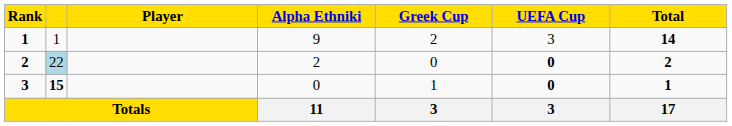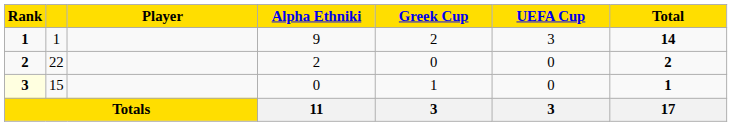 <table class="wikitable sortable" style="text-align:center">
 <tr>
 <th style="background:#FFDE00">Rank</th>
 <th style="background:#FFDE00"></th>
 <th width=200 style="background:#FFDE00">Player</th>
 <th width=120 style="background:#FFDE00"><a href='#'>Alpha Ethniki</a></th>
 <th width=120 style="background:#FFDE00"><a href='#'>Greek Cup</a></th>
 <th width=120 style="background:#FFDE00"><a href='#'>UEFA Cup</a></th>
 <th width=120 style="background:#FFDE00">Total</th>
 </tr>
 <tr>
 <td><strong>1</strong></td>
 <td>1</td>
 <td align=left></td>
 <td>9</td>
 <td>2</td>
 <td>3</td>
 <td><strong>14</strong></td>
 </tr>
 <tr>
 <td><strong>2</strong></td>
-<td style="background: lightblue;">22</td>
+<td>22</td>
 <td align=left></td>
 <td>2</td>
 <td>0</td>
-<td><strong>0</strong></td>
+<td>0</td>
 <td><strong>2</strong></td>
 </tr>
 <tr>
-<td><strong>3</strong></td>
-<td><strong>15</strong></td>
+<td style="background: lightyellow;"><strong>3</strong></td>
+<td>15</td>
 <td align=left></td>
 <td>0</td>
 <td>1</td>
-<td><strong>0</strong></td>
+<td>0</td>
 <td><strong>1</strong></td>
 </tr>
 <tr class="sortbottom">
 <th colspan=3 style="background:#FFDE00"><strong>Totals</strong></th>
 <th><strong>11</strong></th>
 <th><strong> 3</strong></th>
 <th><strong> 3</strong></th>
 <th><strong>17</strong></th>
 </tr>
 </table>
